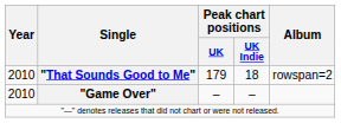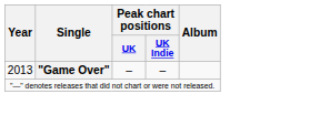 <table class="wikitable plainrowheaders" style="text-align:center;">
 <tr>
 <th scope="col" rowspan="2">Year</th>
 <th scope="col" rowspan="2">Single</th>
 <th scope="col" colspan="2">Peak chart positions</th>
 <th scope="col" rowspan="2">Album</th>
 </tr>
 <tr>
 <th scope="col" style="width:3em;font-size:85%;"><a href='#'>UK</a></th>
 <th scope="col" style="width:3em;font-size:85%;"><a href='#'>UK Indie</a></th>
 </tr>
 <tr>
-<td>2010</td>
-<th scope="row">"<a href='#'>That Sounds Good to Me</a>"</th>
-<td>179</td>
-<td>18</td>
-<td>rowspan=2 </td>
-</tr>
-<tr>
-<td>2010</td>
+<td>2013</td>
 <th scope="row">"Game Over"</th>
 <td>–</td>
 <td>–</td>
 </tr>
 <tr>
 <td align="center" colspan="5" style="font-size:8pt">"—" denotes releases that did not chart or were not released.</td>
 </tr>
 </table>
